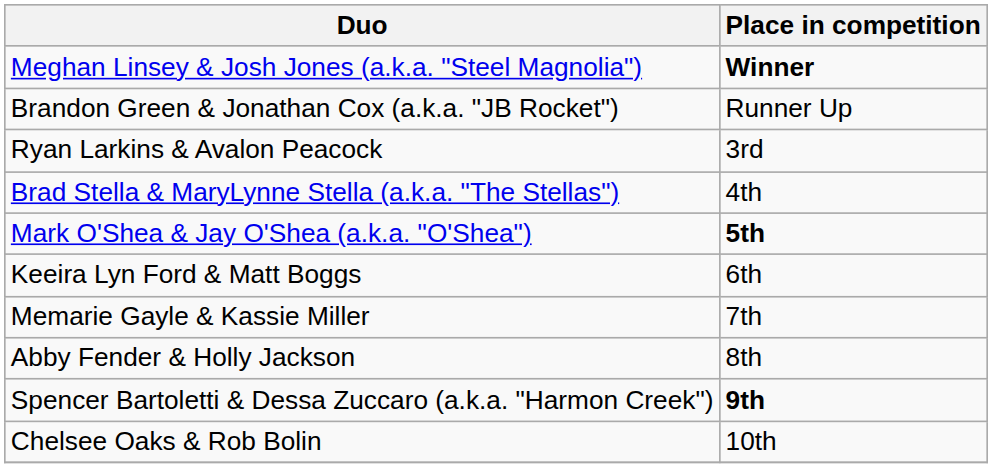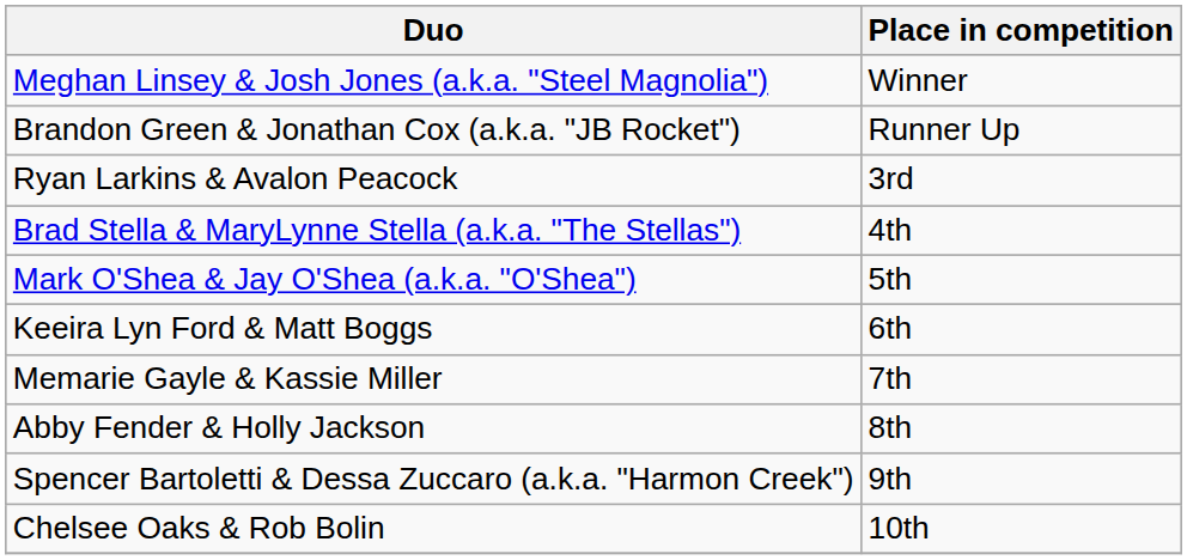 <table class="wikitable">
 <tr>
 <th>Duo</th>
 <th>Place in competition</th>
 </tr>
 <tr>
 <td><a href='#'>Meghan Linsey & Josh Jones (a.k.a. "Steel Magnolia")</a></td>
-<td><strong>Winner</strong></td>
+<td>Winner</td>
 </tr>
 <tr>
 <td>Brandon Green & Jonathan Cox (a.k.a. "JB Rocket")</td>
 <td>Runner Up</td>
 </tr>
 <tr>
 <td>Ryan Larkins & Avalon Peacock</td>
 <td>3rd</td>
 </tr>
 <tr>
 <td><a href='#'>Brad Stella & MaryLynne Stella (a.k.a. "The Stellas")</a></td>
 <td>4th</td>
 </tr>
 <tr>
 <td><a href='#'>Mark O'Shea & Jay O'Shea (a.k.a. "O'Shea")</a></td>
-<td><strong>5th</strong></td>
+<td>5th</td>
 </tr>
 <tr>
 <td>Keeira Lyn Ford & Matt Boggs</td>
 <td>6th</td>
 </tr>
 <tr>
 <td>Memarie Gayle & Kassie Miller</td>
 <td>7th</td>
 </tr>
 <tr>
 <td>Abby Fender & Holly Jackson</td>
 <td>8th</td>
 </tr>
 <tr>
 <td>Spencer Bartoletti & Dessa Zuccaro (a.k.a. "Harmon Creek")</td>
-<td><strong>9th</strong></td>
+<td>9th</td>
 </tr>
 <tr>
 <td>Chelsee Oaks & Rob Bolin</td>
 <td>10th</td>
 </tr>
 <tr>
 </tr>
 </table>
